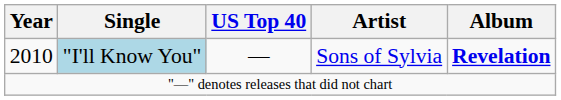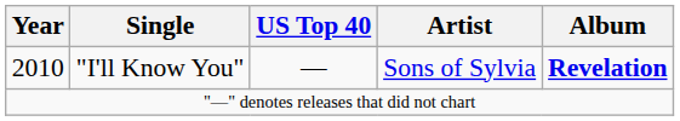 <table class="wikitable" style="text-align:center;">
 <tr>
 <th>Year</th>
 <th>Single</th>
 <th><a href='#'>US Top 40</a></th>
 <th>Artist</th>
 <th>Album</th>
 </tr>
 <tr>
 <td>2010</td>
-<td style="background: lightblue;">"I'll Know You"</td>
+<td>"I'll Know You"</td>
 <td>—</td>
 <td><a href='#'>Sons of Sylvia</a></td>
 <td><strong><a href='#'>Revelation</a></strong></td>
 </tr>
 <tr>
 <td colspan="10" style="font-size:8pt">"—" denotes releases that did not chart</td>
 </tr>
 </table>
